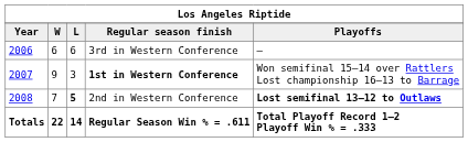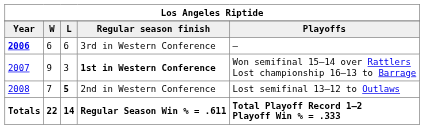 <table class="toccolours" border="1" cellpadding="4" cellspacing="2" style="margin:1em auto; border-collapse: collapse;">
 <tr>
 <td colspan="5" align="center"><strong>Los Angeles Riptide</strong></td>
 </tr>
 <tr>
 </tr>
 <tr bgcolor="#efefef">
 <th>Year</th>
 <th>W</th>
 <th>L</th>
 <th>Regular season finish</th>
 <th>Playoffs</th>
 </tr>
 <tr>
-<td><a href='#'>2006</a></td>
+<td><strong><a href='#'>2006</a></strong></td>
 <td>6</td>
 <td>6</td>
 <td>3rd in Western Conference</td>
 <td>–</td>
 </tr>
 <tr>
 <td><a href='#'>2007</a></td>
 <td>9</td>
 <td>3</td>
 <td><strong>1st in Western Conference</strong></td>
 <td>Won semifinal 15–14 over <a href='#'>Rattlers</a> <br> Lost championship 16–13 to <a href='#'>Barrage</a></td>
 </tr>
 <tr>
 <td><a href='#'>2008</a></td>
 <td>7</td>
 <td><strong>5</strong></td>
 <td>2nd in Western Conference</td>
-<td><strong>Lost semifinal 13–12 to <a href='#'>Outlaws</a></strong></td>
+<td>Lost semifinal 13–12 to <a href='#'>Outlaws</a></td>
 </tr>
 <tr>
 <td><strong>Totals</strong></td>
 <td><strong>22</strong></td>
 <td><strong>14</strong></td>
 <td><strong>Regular Season Win % = .611</strong></td>
 <td><strong>Total Playoff Record 1–2</strong> <br> <strong>Playoff Win % = .333</strong></td>
 </tr>
 </table>
